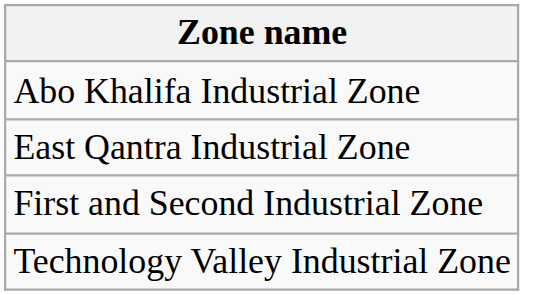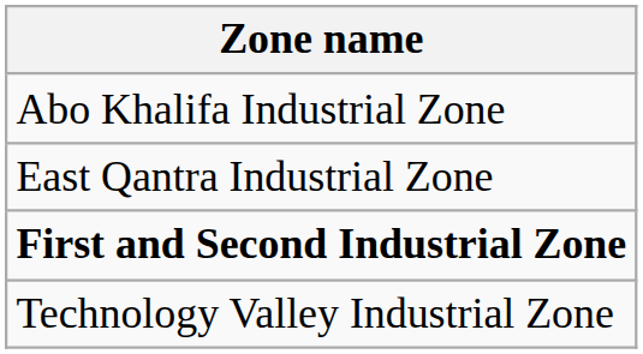 <table class="wikitable">
 <tr>
 <th>Zone name</th>
 </tr>
 <tr>
 <td rowspan="1">Abo Khalifa Industrial Zone</td>
 </tr>
 <tr>
 <td rowspan="1">East Qantra Industrial Zone</td>
 </tr>
 <tr>
-<td rowspan="1">First and Second Industrial Zone</td>
+<td rowspan="1"><strong>First and Second Industrial Zone</strong></td>
 </tr>
 <tr>
 <td rowspan="1">Technology Valley Industrial Zone</td>
 </tr>
 </table>
